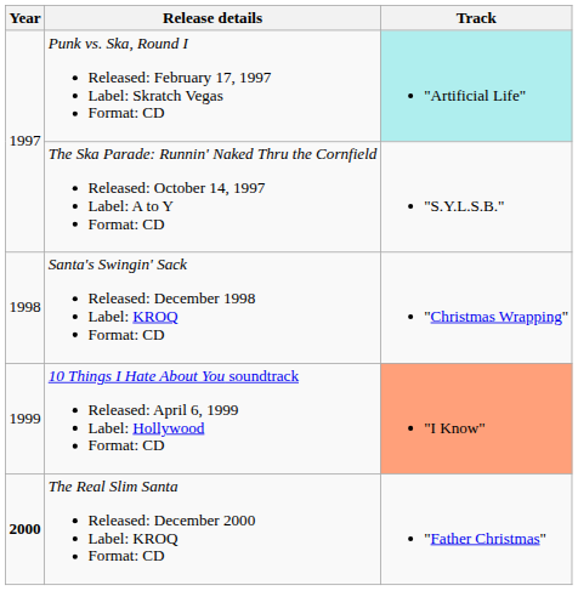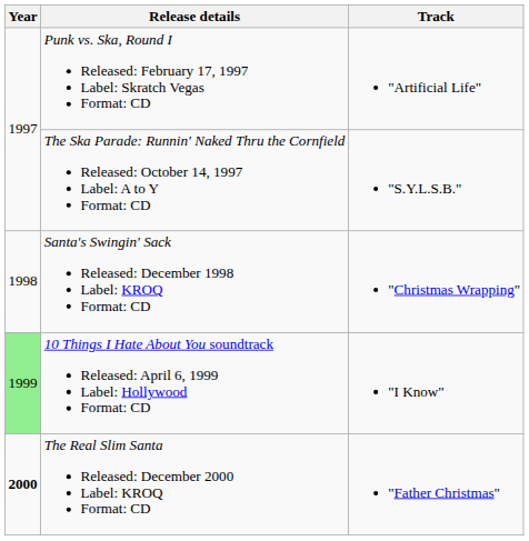 <table class ="wikitable">
 <tr>
 <th>Year</th>
 <th>Release details</th>
 <th>Track</th>
 </tr>
 <tr>
 <td rowspan="2">1997</td>
 <td><em>Punk vs. Ska, Round I</em><br><ul><li>Released: February 17, 1997</li><li>Label: Skratch Vegas</li><li>Format: CD</li></ul></td>
-<td style="background: paleturquoise;"><br><ul><li>"Artificial Life" </li></ul></td>
+<td><br><ul><li>"Artificial Life" </li></ul></td>
 </tr>
 <tr>
 <td><em>The Ska Parade: Runnin' Naked Thru the Cornfield</em><br><ul><li>Released: October 14, 1997</li><li>Label: A to Y</li><li>Format: CD</li></ul></td>
 <td><br><ul><li>"S.Y.L.S.B." </li></ul></td>
 </tr>
 <tr>
 <td>1998</td>
 <td><em>Santa's Swingin' Sack</em><br><ul><li>Released: December 1998</li><li>Label: <a href='#'>KROQ</a></li><li>Format: CD</li></ul></td>
 <td><br><ul><li>"<a href='#'>Christmas Wrapping</a>" </li></ul></td>
 </tr>
 <tr>
-<td>1999</td>
+<td style="background: lightgreen;">1999</td>
 <td><a href='#'><em>10 Things I Hate About You</em> soundtrack</a><br><ul><li>Released: April 6, 1999</li><li>Label: <a href='#'>Hollywood</a></li><li>Format: CD</li></ul></td>
-<td style="background: lightsalmon;"><br><ul><li>"I Know"</li></ul></td>
+<td><br><ul><li>"I Know"</li></ul></td>
 </tr>
 <tr>
 <td><strong>2000</strong></td>
 <td><em>The Real Slim Santa</em><br><ul><li>Released: December 2000</li><li>Label: KROQ</li><li>Format: CD</li></ul></td>
 <td><br><ul><li>"<a href='#'>Father Christmas</a>" </li></ul></td>
 </tr>
 </table>
